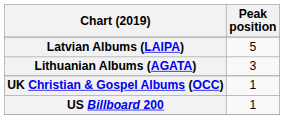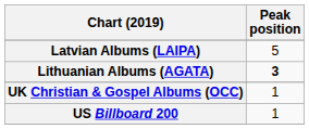 <table class="wikitable sortable plainrowheaders" style="text-align:center">
 <tr>
 <th scope="col">Chart (2019)</th>
 <th scope="col">Peak<br>position</th>
 </tr>
 <tr>
 </tr>
 <tr>
 </tr>
 <tr>
 </tr>
 <tr>
 </tr>
 <tr>
 </tr>
 <tr>
 </tr>
 <tr>
 </tr>
 <tr>
 </tr>
 <tr>
 </tr>
 <tr>
 </tr>
 <tr>
 </tr>
 <tr>
 </tr>
 <tr>
 <th scope="row">Latvian Albums (<a href='#'>LAIPA</a>)</th>
 <td>5</td>
 </tr>
 <tr>
 <th scope="row">Lithuanian Albums (<a href='#'>AGATA</a>)</th>
-<td>3</td>
+<td><strong>3</strong></td>
 </tr>
 <tr>
 </tr>
 <tr>
 </tr>
 <tr>
 </tr>
 <tr>
 </tr>
 <tr>
 </tr>
 <tr>
 </tr>
 <tr>
 <th scope="row">UK <a href='#'>Christian & Gospel Albums</a> (<a href='#'>OCC</a>)</th>
 <td>1</td>
 </tr>
 <tr>
 <th scope="row">US <a href='#'><em>Billboard</em> 200</a></th>
 <td>1</td>
 </tr>
 <tr>
 </tr>
 <tr>
 </tr>
 </table>
